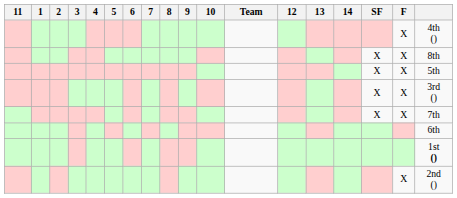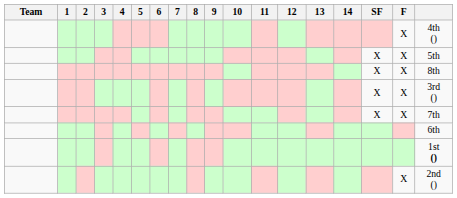 <table class= "wikitable" style="font-size:85%; text-align:center; width:50%">
 <tr>
-<th>11</th>
+<th>Team</th>
 <th>1</th>
 <th>2</th>
 <th>3</th>
 <th>4</th>
 <th>5</th>
 <th>6</th>
 <th>7</th>
 <th>8</th>
 <th>9</th>
 <th>10</th>
-<th>Team</th>
+<th>11</th>
 <th>12</th>
 <th>13</th>
 <th>14</th>
 <th>SF</th>
 <th>F</th>
 <th></th>
 </tr>
 <tr>
-<td style="background:#FFCFCF;"></td>
+<td align="left"></td>
 <td style="background:#cfc;"><strong></strong></td>
 <td style="background:#cfc;"><strong></strong></td>
 <td style="background:#cfc;"><strong></strong></td>
 <td style="background:#FFCFCF;"></td>
 <td style="background:#FFCFCF;"></td>
 <td style="background:#FFCFCF;"></td>
 <td style="background:#cfc;"><strong></strong></td>
 <td style="background:#cfc;"><strong></strong></td>
 <td style="background:#cfc;"><strong></strong></td>
 <td style="background:#cfc;"><strong></strong></td>
-<td align="left"></td>
+<td style="background:#FFCFCF;"></td>
 <td style="background:#cfc;"><strong></strong></td>
 <td style="background:#FFCFCF;"></td>
 <td style="background:#FFCFCF;"></td>
 <td style="background:#FFCFCF;"></td>
 <td>X</td>
 <td>4th<br>()</td>
 </tr>
 <tr>
-<td style="background:#FFCFCF;"></td>
+<td align="left"></td>
 <td style="background:#cfc;"><strong></strong></td>
 <td style="background:#cfc;"><strong></strong></td>
 <td style="background:#FFCFCF;"></td>
 <td style="background:#FFCFCF;"></td>
 <td style="background:#cfc;"><strong></strong></td>
 <td style="background:#cfc;"><strong></strong></td>
 <td style="background:#cfc;"><strong></strong></td>
 <td style="background:#cfc;"><strong></strong></td>
 <td style="background:#cfc;"><strong></strong></td>
 <td style="background:#FFCFCF;"></td>
-<td align="left"></td>
+<td style="background:#FFCFCF;"></td>
 <td style="background:#FFCFCF;"></td>
 <td style="background:#cfc;"><strong></strong></td>
 <td style="background:#FFCFCF;"></td>
 <td>X</td>
 <td>X</td>
-<td>8th</td>
+<td>5th</td>
 </tr>
 <tr>
-<td style="background:#FFCFCF;"></td>
+<td align="left"></td>
 <td style="background:#FFCFCF;"></td>
 <td style="background:#FFCFCF;"></td>
 <td style="background:#FFCFCF;"></td>
 <td style="background:#FFCFCF;"></td>
 <td style="background:#FFCFCF;"></td>
 <td style="background:#FFCFCF;"></td>
 <td style="background:#FFCFCF;"></td>
 <td style="background:#FFCFCF;"></td>
 <td style="background:#FFCFCF;"></td>
 <td style="background:#cfc;"><strong></strong></td>
-<td align="left"></td>
+<td style="background:#FFCFCF;"></td>
 <td style="background:#FFCFCF;"></td>
 <td style="background:#FFCFCF;"></td>
 <td style="background:#cfc;"><strong></strong></td>
 <td>X</td>
 <td>X</td>
-<td>5th</td>
+<td>8th</td>
 </tr>
 <tr>
-<td style="background:#FFCFCF;"></td>
+<td align="left"></td>
 <td style="background:#FFCFCF;"></td>
 <td style="background:#FFCFCF;"></td>
 <td style="background:#cfc;"><strong></strong></td>
 <td style="background:#cfc;"><strong></strong></td>
 <td style="background:#cfc;"><strong></strong></td>
 <td style="background:#FFCFCF;"></td>
 <td style="background:#cfc;"><strong></strong></td>
 <td style="background:#FFCFCF;"></td>
 <td style="background:#cfc;"><strong></strong></td>
 <td style="background:#FFCFCF;"></td>
-<td align="left"></td>
+<td style="background:#FFCFCF;"></td>
 <td style="background:#FFCFCF;"></td>
 <td style="background:#cfc;"><strong></strong></td>
 <td style="background:#FFCFCF;"></td>
 <td>X</td>
 <td>X</td>
 <td>3rd<br>()</td>
 </tr>
 <tr>
-<td style="background:#cfc;"><strong></strong></td>
+<td align="left"></td>
 <td style="background:#FFCFCF;"></td>
 <td style="background:#FFCFCF;"></td>
 <td style="background:#FFCFCF;"></td>
 <td style="background:#FFCFCF;"></td>
 <td style="background:#cfc;"><strong></strong></td>
 <td style="background:#FFCFCF;"></td>
 <td style="background:#cfc;"><strong></strong></td>
 <td style="background:#FFCFCF;"></td>
 <td style="background:#FFCFCF;"></td>
 <td style="background:#cfc;"><strong></strong></td>
-<td align="left"></td>
+<td style="background:#cfc;"><strong></strong></td>
 <td style="background:#FFCFCF;"></td>
 <td style="background:#cfc;"><strong></strong></td>
 <td style="background:#FFCFCF;"></td>
 <td>X</td>
 <td>X</td>
 <td>7th</td>
 </tr>
 <tr>
-<td style="background:#cfc;"><strong></strong></td>
+<td align="left"></td>
 <td style="background:#cfc;"><strong></strong></td>
 <td style="background:#cfc;"><strong></strong></td>
 <td style="background:#FFCFCF;"></td>
 <td style="background:#cfc;"><strong></strong></td>
 <td style="background:#FFCFCF;"></td>
 <td style="background:#cfc;"><strong></strong></td>
 <td style="background:#FFCFCF;"></td>
 <td style="background:#cfc;"><strong></strong></td>
 <td style="background:#FFCFCF;"></td>
 <td style="background:#FFCFCF;"></td>
-<td align="left"></td>
+<td style="background:#cfc;"><strong></strong></td>
 <td style="background:#cfc;"><strong></strong></td>
 <td style="background:#FFCFCF;"></td>
 <td style="background:#cfc;"><strong></strong></td>
 <td style="background:#cfc;"><strong></strong></td>
 <td style="background:#FFCFCF;"></td>
 <td>6th</td>
 </tr>
 <tr>
-<td style="background:#cfc;"><strong></strong></td>
+<td align="left"></td>
 <td style="background:#cfc;"><strong></strong></td>
 <td style="background:#cfc;"><strong></strong></td>
 <td style="background:#FFCFCF;"></td>
 <td style="background:#cfc;"><strong></strong></td>
 <td style="background:#cfc;"><strong></strong></td>
 <td style="background:#FFCFCF;"></td>
 <td style="background:#cfc;"><strong></strong></td>
 <td style="background:#FFCFCF;"></td>
 <td style="background:#FFCFCF;"></td>
 <td style="background:#cfc;"><strong></strong></td>
-<td align="left"></td>
+<td style="background:#cfc;"><strong></strong></td>
 <td style="background:#cfc;"><strong></strong></td>
 <td style="background:#cfc;"><strong></strong></td>
 <td style="background:#cfc;"><strong></strong></td>
 <td style="background:#cfc;"><strong></strong></td>
 <td style="background:#cfc;"><strong></strong></td>
 <td>1st<br><strong>()</strong></td>
 </tr>
 <tr>
-<td style="background:#FFCFCF;"></td>
+<td align="left"></td>
 <td style="background:#cfc;"><strong></strong></td>
 <td style="background:#FFCFCF;"></td>
 <td style="background:#cfc;"><strong></strong></td>
 <td style="background:#cfc;"><strong></strong></td>
 <td style="background:#cfc;"><strong></strong></td>
 <td style="background:#cfc;"><strong></strong></td>
 <td style="background:#cfc;"><strong></strong></td>
 <td style="background:#FFCFCF;"></td>
 <td style="background:#cfc;"><strong></strong></td>
 <td style="background:#cfc;"><strong></strong></td>
-<td align="left"></td>
+<td style="background:#FFCFCF;"></td>
 <td style="background:#cfc;"><strong></strong></td>
 <td style="background:#FFCFCF;"></td>
 <td style="background:#cfc;"><strong></strong></td>
 <td style="background:#FFCFCF;"></td>
 <td>X</td>
 <td>2nd<br>()</td>
 </tr>
 </table>
